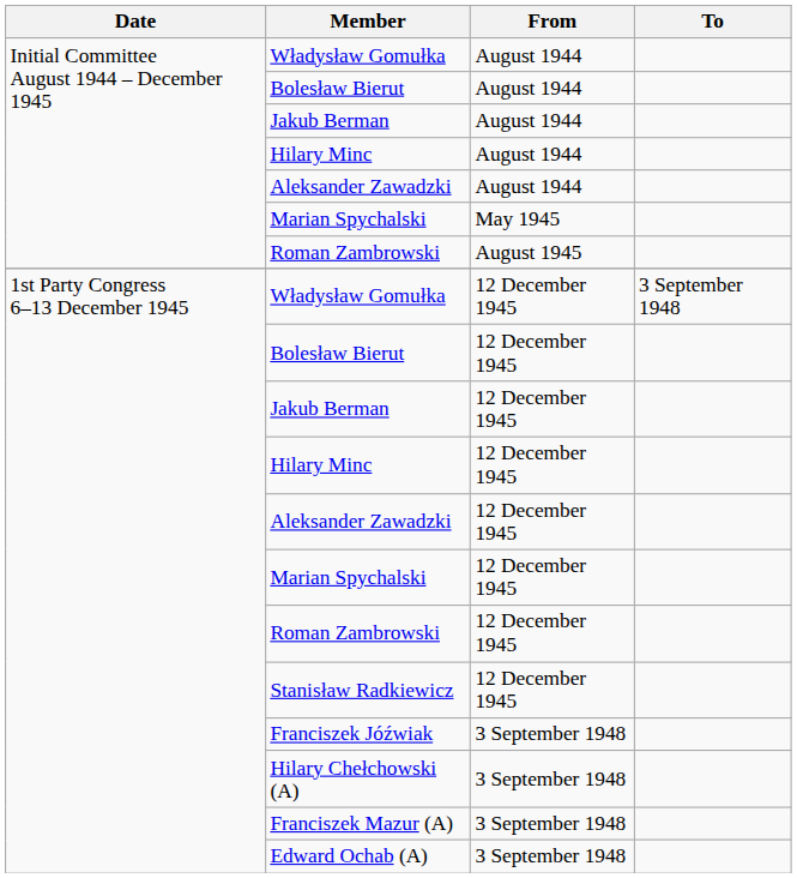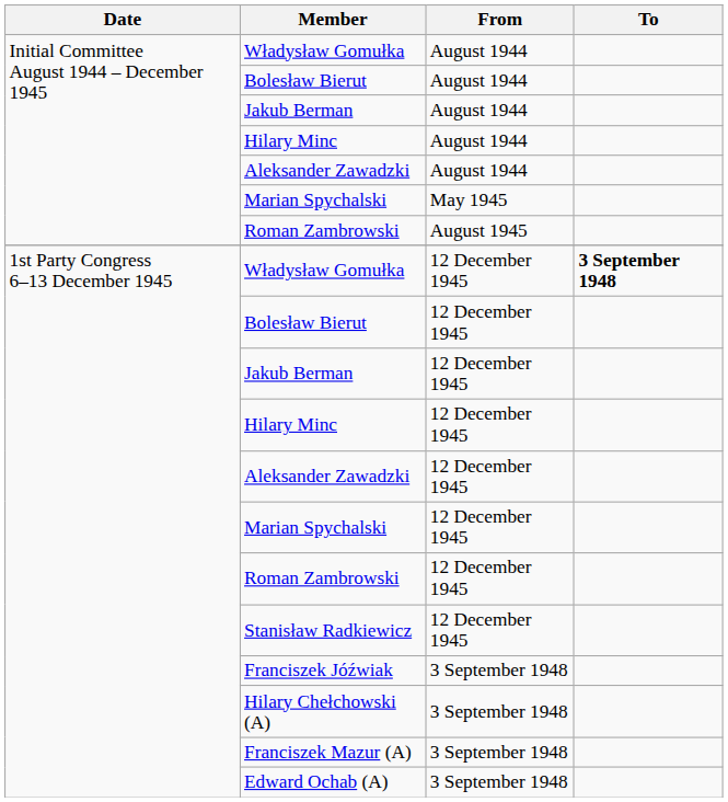 <table class="wikitable">
 <tr>
 <th>Date</th>
 <th>Member</th>
 <th>From</th>
 <th>To</th>
 </tr>
 <tr>
 <td rowspan=7 valign=top>Initial Committee<br>August 1944 – December 1945</td>
 <td><a href='#'>Władysław Gomułka</a></td>
 <td>August 1944</td>
 <td></td>
 </tr>
 <tr>
 <td><a href='#'>Bolesław Bierut</a></td>
 <td>August 1944</td>
 <td></td>
 </tr>
 <tr>
 <td><a href='#'>Jakub Berman</a></td>
 <td>August 1944</td>
 <td></td>
 </tr>
 <tr>
 <td><a href='#'>Hilary Minc</a></td>
 <td>August 1944</td>
 <td></td>
 </tr>
 <tr>
 <td><a href='#'>Aleksander Zawadzki</a></td>
 <td>August 1944</td>
 <td></td>
 </tr>
 <tr>
 <td><a href='#'>Marian Spychalski</a></td>
 <td>May 1945</td>
 <td></td>
 </tr>
 <tr>
 <td><a href='#'>Roman Zambrowski</a></td>
 <td>August 1945</td>
 <td></td>
 </tr>
 <tr>
 </tr>
 <tr>
 <td rowspan=12 valign=top>1st Party Congress<br>6–13 December 1945</td>
 <td><a href='#'>Władysław Gomułka</a></td>
 <td>12 December 1945</td>
-<td>3 September 1948</td>
+<td><strong>3 September 1948</strong></td>
 </tr>
 <tr>
 <td><a href='#'>Bolesław Bierut</a></td>
 <td>12 December 1945</td>
 <td></td>
 </tr>
 <tr>
 <td><a href='#'>Jakub Berman</a></td>
 <td>12 December 1945</td>
 <td></td>
 </tr>
 <tr>
 <td><a href='#'>Hilary Minc</a></td>
 <td>12 December 1945</td>
 <td></td>
 </tr>
 <tr>
 <td><a href='#'>Aleksander Zawadzki</a></td>
 <td>12 December 1945</td>
 <td></td>
 </tr>
 <tr>
 <td><a href='#'>Marian Spychalski</a></td>
 <td>12 December 1945</td>
 <td></td>
 </tr>
 <tr>
 <td><a href='#'>Roman Zambrowski</a></td>
 <td>12 December 1945</td>
 <td></td>
 </tr>
 <tr>
 <td><a href='#'>Stanisław Radkiewicz</a></td>
 <td>12 December 1945</td>
 <td></td>
 </tr>
 <tr>
 <td><a href='#'>Franciszek Jóźwiak</a></td>
 <td>3 September 1948</td>
 <td></td>
 </tr>
 <tr>
 <td><a href='#'>Hilary Chełchowski</a> (A)</td>
 <td>3 September 1948</td>
 <td></td>
 </tr>
 <tr>
 <td><a href='#'>Franciszek Mazur</a> (A)</td>
 <td>3 September 1948</td>
 <td></td>
 </tr>
 <tr>
 <td><a href='#'>Edward Ochab</a> (A)</td>
 <td>3 September 1948</td>
 <td></td>
 </tr>
 </table>
